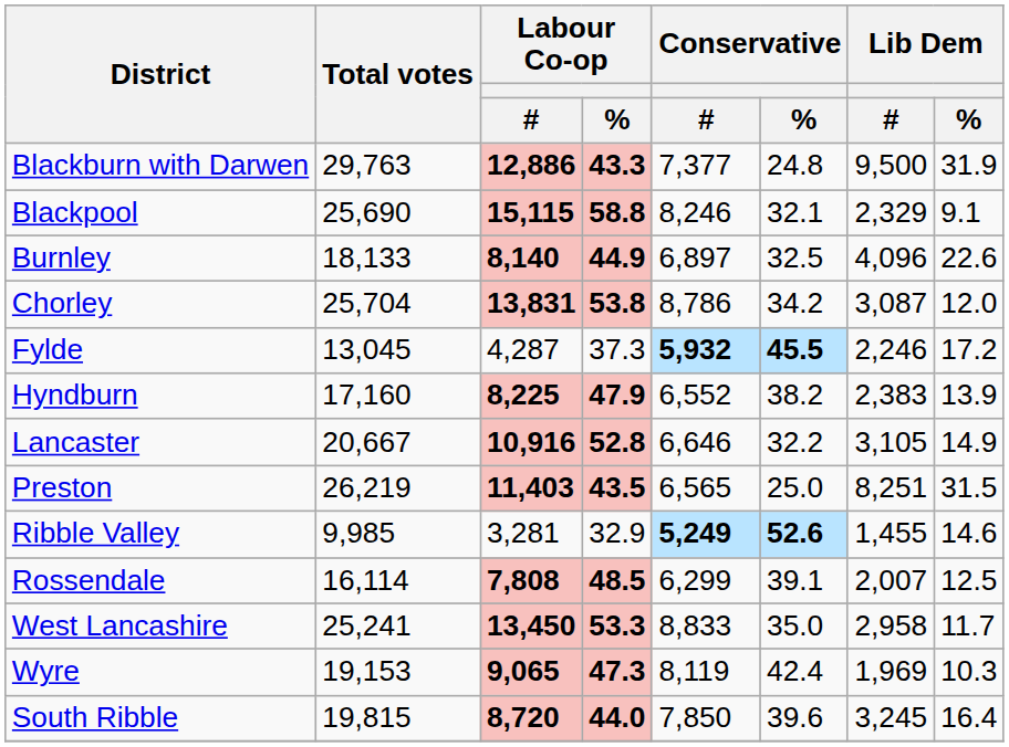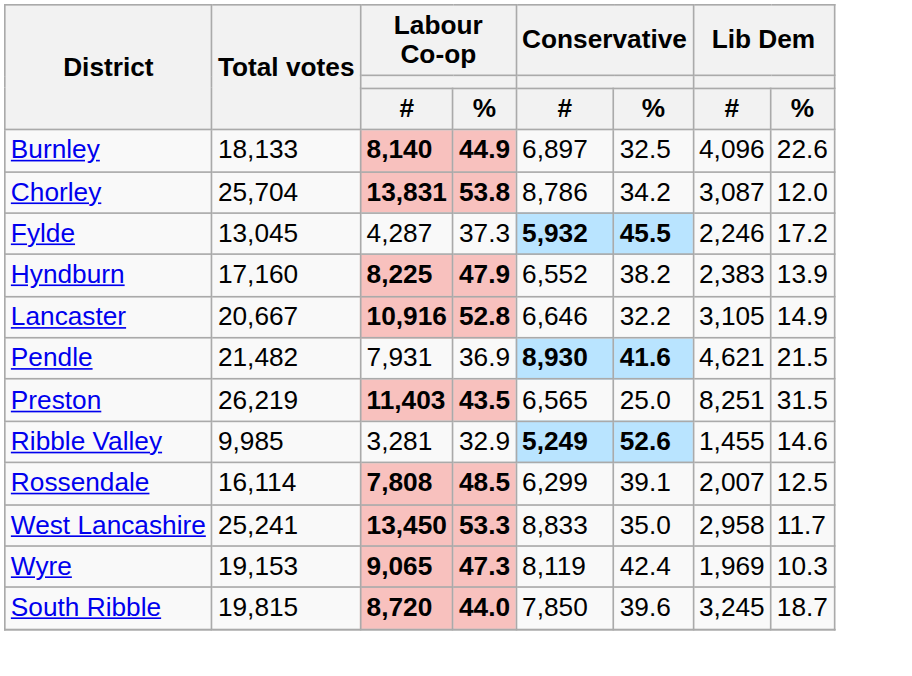 <table class="wikitable sortable">
 <tr>
 <th rowspan=3>District</th>
 <th rowspan=3>Total votes</th>
 <th colspan="2">Labour<br>Co-op</th>
 <th colspan="2">Conservative</th>
 <th colspan="2">Lib Dem</th>
 </tr>
 <tr>
 <th colspan="2" style="background:"></th>
 <th colspan="2" style="background:"></th>
 <th colspan="2" style="background:"></th>
 </tr>
 <tr>
 <th>#</th>
 <th>%</th>
 <th>#</th>
 <th>%</th>
 <th>#</th>
 <th>%</th>
-</tr>
-<tr>
-<td><a href='#'>Blackburn with Darwen</a></td>
-<td>29,763</td>
-<td style="background:#F8C1BE;"><strong>12,886</strong></td>
-<td style="background:#F8C1BE;"><strong>43.3</strong></td>
-<td>7,377</td>
-<td>24.8</td>
-<td>9,500</td>
-<td>31.9</td>
-</tr>
-<tr>
-<td><a href='#'>Blackpool</a></td>
-<td>25,690</td>
-<td style="background:#F8C1BE;"><strong>15,115</strong></td>
-<td style="background:#F8C1BE;"><strong>58.8</strong></td>
-<td>8,246</td>
-<td>32.1</td>
-<td>2,329</td>
-<td>9.1</td>
 </tr>
 <tr>
 <td><a href='#'>Burnley</a></td>
 <td>18,133</td>
 <td style="background:#F8C1BE;"><strong>8,140</strong></td>
 <td style="background:#F8C1BE;"><strong>44.9</strong></td>
 <td>6,897</td>
 <td>32.5</td>
 <td>4,096</td>
 <td>22.6</td>
 </tr>
 <tr>
 <td><a href='#'>Chorley</a></td>
 <td>25,704</td>
 <td style="background:#F8C1BE;"><strong>13,831</strong></td>
 <td style="background:#F8C1BE;"><strong>53.8</strong></td>
 <td>8,786</td>
 <td>34.2</td>
 <td>3,087</td>
 <td>12.0</td>
 </tr>
 <tr>
 <td><a href='#'>Fylde</a></td>
 <td>13,045</td>
 <td>4,287</td>
 <td>37.3</td>
 <td style="background:#B9E4FF;"><strong>5,932</strong></td>
 <td style="background:#B9E4FF;"><strong>45.5</strong></td>
 <td>2,246</td>
 <td>17.2</td>
 </tr>
 <tr>
 <td><a href='#'>Hyndburn</a></td>
 <td>17,160</td>
 <td style="background:#F8C1BE;"><strong>8,225</strong></td>
 <td style="background:#F8C1BE;"><strong>47.9</strong></td>
 <td>6,552</td>
 <td>38.2</td>
 <td>2,383</td>
 <td>13.9</td>
 </tr>
 <tr>
 <td><a href='#'>Lancaster</a></td>
 <td>20,667</td>
 <td style="background:#F8C1BE;"><strong>10,916</strong></td>
 <td style="background:#F8C1BE;"><strong>52.8</strong></td>
 <td>6,646</td>
 <td>32.2</td>
 <td>3,105</td>
 <td>14.9</td>
+</tr>
+<tr>
+<td><a href='#'>Pendle</a></td>
+<td>21,482</td>
+<td>7,931</td>
+<td>36.9</td>
+<td style="background:#B9E4FF;"><strong>8,930</strong></td>
+<td style="background:#B9E4FF;"><strong>41.6</strong></td>
+<td>4,621</td>
+<td>21.5</td>
 </tr>
 <tr>
 <td><a href='#'>Preston</a></td>
 <td>26,219</td>
 <td style="background:#F8C1BE;"><strong>11,403</strong></td>
 <td style="background:#F8C1BE;"><strong>43.5</strong></td>
 <td>6,565</td>
 <td>25.0</td>
 <td>8,251</td>
 <td>31.5</td>
 </tr>
 <tr>
 <td><a href='#'>Ribble Valley</a></td>
 <td>9,985</td>
 <td>3,281</td>
 <td>32.9</td>
 <td style="background:#B9E4FF;"><strong>5,249</strong></td>
 <td style="background:#B9E4FF;"><strong>52.6</strong></td>
 <td>1,455</td>
 <td>14.6</td>
 </tr>
 <tr>
 <td><a href='#'>Rossendale</a></td>
 <td>16,114</td>
 <td style="background:#F8C1BE;"><strong>7,808</strong></td>
 <td style="background:#F8C1BE;"><strong>48.5</strong></td>
 <td>6,299</td>
 <td>39.1</td>
 <td>2,007</td>
 <td>12.5</td>
 </tr>
 <tr>
 <td><a href='#'>West Lancashire</a></td>
 <td>25,241</td>
 <td style="background:#F8C1BE;"><strong>13,450</strong></td>
 <td style="background:#F8C1BE;"><strong>53.3</strong></td>
 <td>8,833</td>
 <td>35.0</td>
 <td>2,958</td>
 <td>11.7</td>
 </tr>
 <tr>
 <td><a href='#'>Wyre</a></td>
 <td>19,153</td>
 <td style="background:#F8C1BE;"><strong>9,065</strong></td>
 <td style="background:#F8C1BE;"><strong>47.3</strong></td>
 <td>8,119</td>
 <td>42.4</td>
 <td>1,969</td>
 <td>10.3</td>
 </tr>
 <tr>
 <td><a href='#'>South Ribble</a></td>
 <td>19,815</td>
 <td style="background:#F8C1BE;"><strong>8,720</strong></td>
 <td style="background:#F8C1BE;"><strong>44.0</strong></td>
 <td>7,850</td>
 <td>39.6</td>
 <td>3,245</td>
-<td>16.4</td>
+<td>18.7</td>
 </tr>
 <tr>
 </tr>
 </table>
